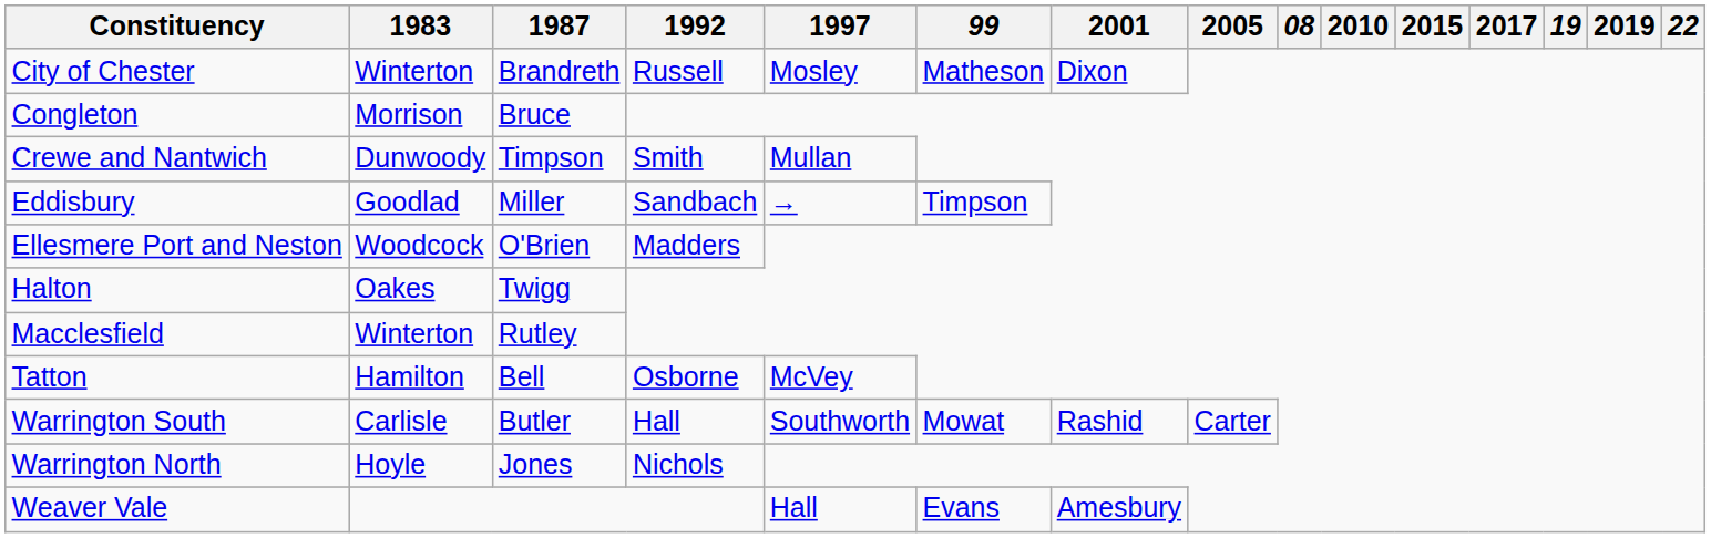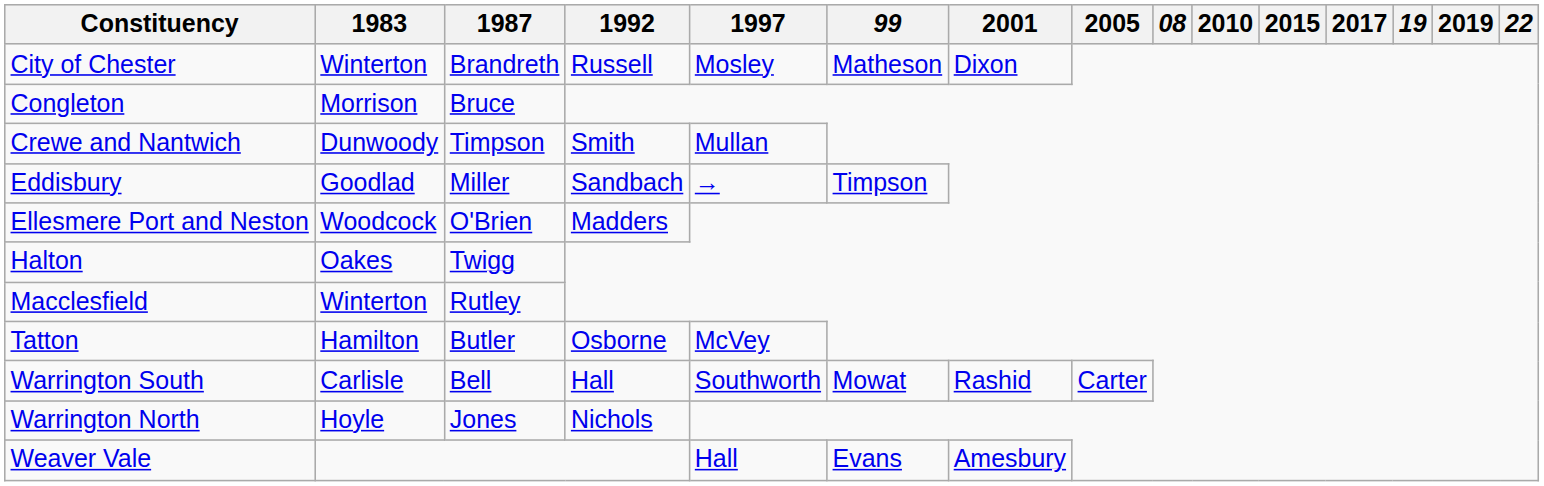 <table class="wikitable">
 <tr>
 <th>Constituency</th>
 <th>1983</th>
 <th>1987</th>
 <th>1992</th>
 <th>1997</th>
 <th><em>99</em></th>
 <th>2001</th>
 <th>2005</th>
 <th><em>08</em></th>
 <th>2010</th>
 <th>2015</th>
 <th>2017</th>
 <th><em>19</em></th>
 <th>2019</th>
 <th><em>22</em></th>
 </tr>
 <tr>
 <td><a href='#'>City of Chester</a></td>
 <td><a href='#'>Winterton</a></td>
 <td><a href='#'>Brandreth</a></td>
 <td><a href='#'>Russell</a></td>
 <td><a href='#'>Mosley</a></td>
 <td><a href='#'>Matheson</a></td>
 <td><a href='#'>Dixon</a></td>
 </tr>
 <tr>
 <td><a href='#'>Congleton</a></td>
 <td><a href='#'>Morrison</a></td>
 <td><a href='#'>Bruce</a></td>
 </tr>
 <tr>
 <td><a href='#'>Crewe and Nantwich</a></td>
 <td><a href='#'>Dunwoody</a></td>
 <td><a href='#'>Timpson</a></td>
 <td><a href='#'>Smith</a></td>
 <td><a href='#'>Mullan</a></td>
 </tr>
 <tr>
 <td><a href='#'>Eddisbury</a></td>
 <td><a href='#'>Goodlad</a></td>
 <td><a href='#'>Miller</a></td>
 <td><a href='#'>Sandbach</a></td>
 <td><a href='#'>→</a></td>
 <td><a href='#'>Timpson</a></td>
 </tr>
 <tr>
 <td><a href='#'>Ellesmere Port and Neston</a></td>
 <td><a href='#'>Woodcock</a></td>
 <td><a href='#'>O'Brien</a></td>
 <td><a href='#'>Madders</a></td>
 </tr>
 <tr>
 <td><a href='#'>Halton</a></td>
 <td><a href='#'>Oakes</a></td>
 <td><a href='#'>Twigg</a></td>
 </tr>
 <tr>
 <td><a href='#'>Macclesfield</a></td>
 <td><a href='#'>Winterton</a></td>
 <td><a href='#'>Rutley</a></td>
 </tr>
 <tr>
 <td><a href='#'>Tatton</a></td>
 <td><a href='#'>Hamilton</a></td>
-<td><a href='#'>Bell</a></td>
+<td><a href='#'>Butler</a></td>
 <td><a href='#'>Osborne</a></td>
 <td><a href='#'>McVey</a></td>
 </tr>
 <tr>
 <td><a href='#'>Warrington South</a></td>
 <td><a href='#'>Carlisle</a></td>
-<td><a href='#'>Butler</a></td>
+<td><a href='#'>Bell</a></td>
 <td><a href='#'>Hall</a></td>
 <td><a href='#'>Southworth</a></td>
 <td><a href='#'>Mowat</a></td>
 <td><a href='#'>Rashid</a></td>
 <td><a href='#'>Carter</a></td>
 </tr>
 <tr>
 <td><a href='#'>Warrington North</a></td>
 <td><a href='#'>Hoyle</a></td>
 <td><a href='#'>Jones</a></td>
 <td><a href='#'>Nichols</a></td>
 </tr>
 <tr>
 <td><a href='#'>Weaver Vale</a></td>
 <td colspan="3"></td>
 <td><a href='#'>Hall</a></td>
 <td><a href='#'>Evans</a></td>
 <td><a href='#'>Amesbury</a></td>
 </tr>
 </table>
